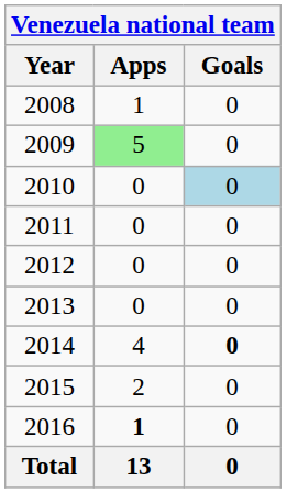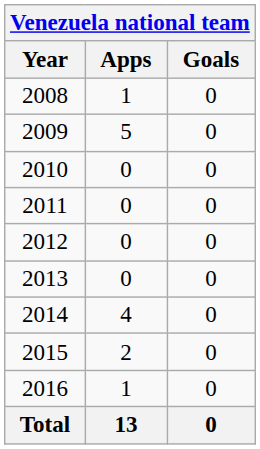 <table class="wikitable" style="text-align:center">
 <tr>
 <th colspan="3"><a href='#'>Venezuela national team</a></th>
 </tr>
 <tr>
 <th>Year</th>
 <th>Apps</th>
 <th>Goals</th>
 </tr>
 <tr>
 <td>2008</td>
 <td>1</td>
 <td>0</td>
 </tr>
 <tr>
 <td>2009</td>
-<td style="background: lightgreen;">5</td>
+<td>5</td>
 <td>0</td>
 </tr>
 <tr>
 <td>2010</td>
 <td>0</td>
-<td style="background: lightblue;">0</td>
+<td>0</td>
 </tr>
 <tr>
 <td>2011</td>
 <td>0</td>
 <td>0</td>
 </tr>
 <tr>
 <td>2012</td>
 <td>0</td>
 <td>0</td>
 </tr>
 <tr>
 <td>2013</td>
 <td>0</td>
 <td>0</td>
 </tr>
 <tr>
 <td>2014</td>
 <td>4</td>
-<td><strong>0</strong></td>
+<td>0</td>
 </tr>
 <tr>
 <td>2015</td>
 <td>2</td>
 <td>0</td>
 </tr>
 <tr>
 <td>2016</td>
-<td><strong>1</strong></td>
+<td>1</td>
 <td>0</td>
 </tr>
 <tr>
 <th>Total</th>
 <th>13</th>
 <th>0</th>
 </tr>
 </table>
